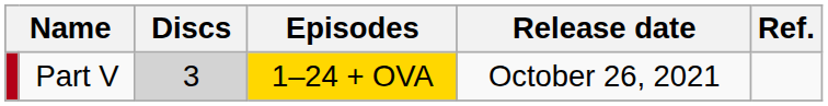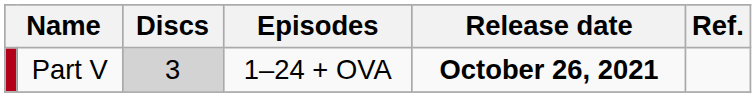 <table class="wikitable" style="text-align: center; width: 70%;">
 <tr>
 <th colspan="2">Name</th>
 <th>Discs</th>
 <th>Episodes</th>
 <th>Release date</th>
 <th width="5%">Ref.</th>
 </tr>
 <tr>
 <td rowspan="1" width="1%" style="background: #B30018;"></td>
 <td>Part V</td>
 <td style="background: lightgrey;">3</td>
-<td style="background: gold;">1–24 + OVA</td>
-<td>October 26, 2021</td>
+<td>1–24 + OVA</td>
+<td><strong>October 26, 2021</strong></td>
 <td></td>
 </tr>
 </table>
